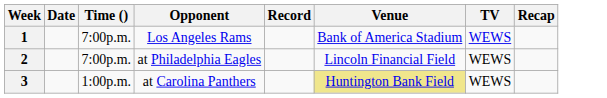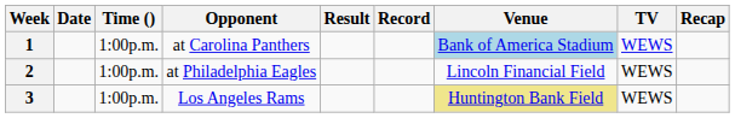 <table class="wikitable" style="text-align:center">
 <tr>
 <th>Week</th>
 <th>Date</th>
 <th>Time (<a href='#'></a>)</th>
 <th>Opponent</th>
+<th>Result</th>
 <th>Record</th>
 <th>Venue</th>
 <th>TV</th>
 <th>Recap</th>
 </tr>
 <tr>
 <th>1</th>
 <td></td>
-<td>7:00p.m.</td>
-<td><a href='#'>Los Angeles Rams</a></td>
+<td>1:00p.m.</td>
+<td>at <a href='#'>Carolina Panthers</a></td>
 <td></td>
-<td><a href='#'>Bank of America Stadium</a></td>
+<td></td>
+<td style="background: lightblue;"><a href='#'>Bank of America Stadium</a></td>
 <td><a href='#'>WEWS</a></td>
 <td></td>
 </tr>
 <tr>
 <th>2</th>
 <td></td>
-<td>7:00p.m.</td>
+<td>1:00p.m.</td>
 <td>at <a href='#'>Philadelphia Eagles</a></td>
+<td></td>
 <td></td>
 <td><a href='#'>Lincoln Financial Field</a></td>
 <td>WEWS</td>
 <td></td>
 </tr>
 <tr>
 <th>3</th>
 <td></td>
 <td>1:00p.m.</td>
-<td>at <a href='#'>Carolina Panthers</a></td>
+<td><a href='#'>Los Angeles Rams</a></td>
+<td></td>
 <td></td>
 <td style="background: khaki;"><a href='#'>Huntington Bank Field</a></td>
 <td>WEWS</td>
 <td></td>
 </tr>
 </table>
